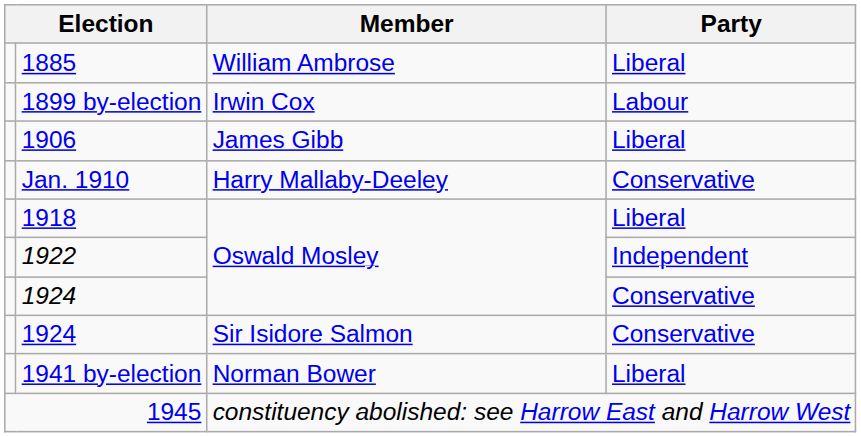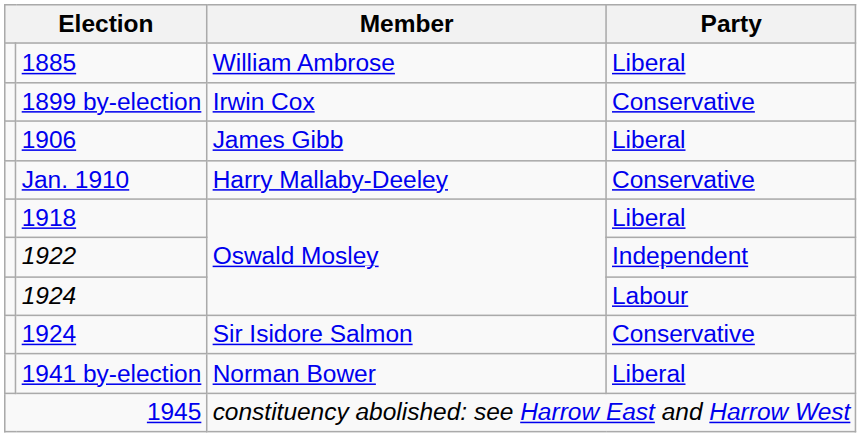 <table class="wikitable">
 <tr>
 <th colspan="2">Election</th>
 <th>Member</th>
 <th>Party</th>
 </tr>
 <tr>
 <td style="color:inherit;background-color: "></td>
 <td><a href='#'>1885</a></td>
 <td><a href='#'>William Ambrose</a></td>
 <td><a href='#'>Liberal</a></td>
 </tr>
 <tr>
 <td style="color:inherit;background-color: "></td>
 <td><a href='#'>1899 by-election</a></td>
 <td><a href='#'>Irwin Cox</a></td>
-<td><a href='#'>Labour</a></td>
+<td><a href='#'>Conservative</a></td>
 </tr>
 <tr>
 <td style="color:inherit;background-color: "></td>
 <td><a href='#'>1906</a></td>
 <td><a href='#'>James Gibb</a></td>
 <td><a href='#'>Liberal</a></td>
 </tr>
 <tr>
 <td style="color:inherit;background-color: "></td>
 <td><a href='#'>Jan. 1910</a></td>
 <td><a href='#'>Harry Mallaby-Deeley</a></td>
 <td><a href='#'>Conservative</a></td>
 </tr>
 <tr>
 <td style="color:inherit;background-color: "></td>
 <td><a href='#'>1918</a></td>
 <td rowspan="3"><a href='#'>Oswald Mosley</a></td>
 <td><a href='#'>Liberal</a></td>
 </tr>
 <tr>
 <td style="color:inherit;background-color: "></td>
 <td><em>1922</em></td>
 <td><a href='#'>Independent</a></td>
 </tr>
 <tr>
 <td style="color:inherit;background-color: "></td>
 <td><em>1924</em></td>
-<td><a href='#'>Conservative</a></td>
+<td><a href='#'>Labour</a></td>
 </tr>
 <tr>
 <td style="color:inherit;background-color: "></td>
 <td><a href='#'>1924</a></td>
 <td><a href='#'>Sir Isidore Salmon</a></td>
 <td><a href='#'>Conservative</a></td>
 </tr>
 <tr>
 <td style="color:inherit;background-color: "></td>
 <td><a href='#'>1941 by-election</a></td>
 <td><a href='#'>Norman Bower</a></td>
 <td><a href='#'>Liberal</a></td>
 </tr>
 <tr>
 <td colspan="2" align="right"><a href='#'>1945</a></td>
 <td colspan="2"><em>constituency abolished: see <a href='#'>Harrow East</a> and <a href='#'>Harrow West</a></em></td>
 </tr>
 </table>
